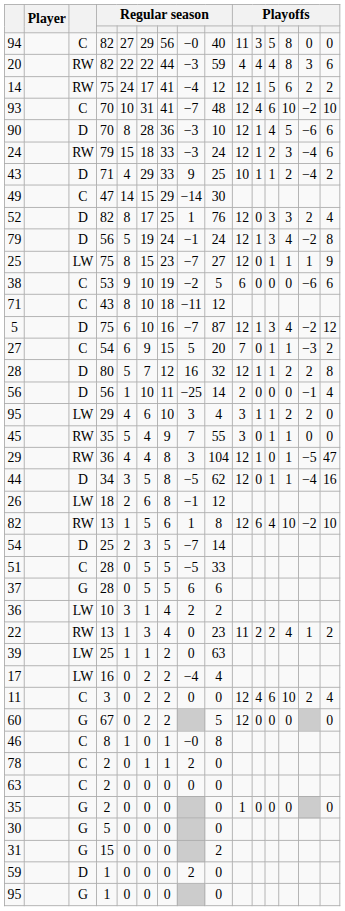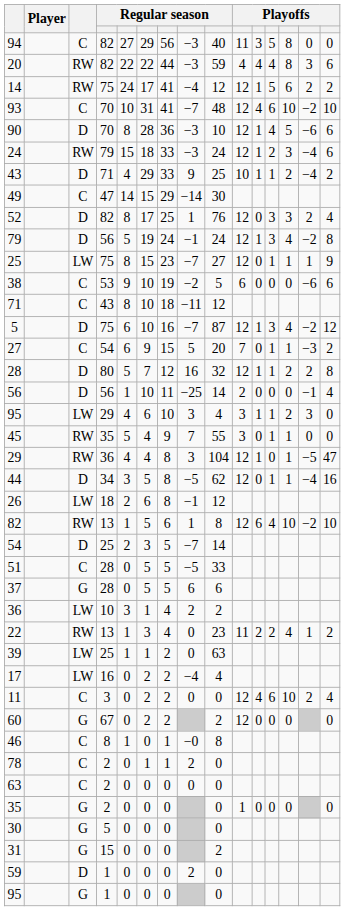 <table class="wikitable sortable plainrowheaders" style="text-align:center;">
 <tr>
 <th scope="col" data-sort-type="number" rowspan="2"></th>
 <th scope="col" rowspan="2">Player</th>
 <th scope="col" rowspan="2"></th>
 <th scope=colgroup colspan=6>Regular season</th>
 <th scope=colgroup colspan=6>Playoffs</th>
 </tr>
 <tr>
 <th scope="col" data-sort-type="number"></th>
 <th scope="col" data-sort-type="number"></th>
 <th scope="col" data-sort-type="number"></th>
 <th scope="col" data-sort-type="number"></th>
 <th scope="col" data-sort-type="number"></th>
 <th scope="col" data-sort-type="number"></th>
 <th scope="col" data-sort-type="number"></th>
 <th scope="col" data-sort-type="number"></th>
 <th scope="col" data-sort-type="number"></th>
 <th scope="col" data-sort-type="number"></th>
 <th scope="col" data-sort-type="number"></th>
 <th scope="col" data-sort-type="number"></th>
 </tr>
 <tr>
 <td scope="row">94</td>
 <td align="left"></td>
 <td>C</td>
 <td>82</td>
 <td>27</td>
 <td>29</td>
 <td>56</td>
-<td>−0</td>
+<td>−3</td>
 <td>40</td>
 <td>11</td>
 <td>3</td>
 <td>5</td>
 <td>8</td>
 <td>0</td>
 <td>0</td>
 </tr>
 <tr>
 <td scope="row">20</td>
 <td align="left"></td>
 <td>RW</td>
 <td>82</td>
 <td>22</td>
 <td>22</td>
 <td>44</td>
 <td>−3</td>
 <td>59</td>
 <td>4</td>
 <td>4</td>
 <td>4</td>
 <td>8</td>
 <td>3</td>
 <td>6</td>
 </tr>
 <tr>
 <td scope="row">14</td>
 <td align="left"></td>
 <td>RW</td>
 <td>75</td>
 <td>24</td>
 <td>17</td>
 <td>41</td>
 <td>−4</td>
 <td>12</td>
 <td>12</td>
 <td>1</td>
 <td>5</td>
 <td>6</td>
 <td>2</td>
 <td>2</td>
 </tr>
 <tr>
 <td scope="row">93</td>
 <td align="left"></td>
 <td>C</td>
 <td>70</td>
 <td>10</td>
 <td>31</td>
 <td>41</td>
 <td>−7</td>
 <td>48</td>
 <td>12</td>
 <td>4</td>
 <td>6</td>
 <td>10</td>
 <td>−2</td>
 <td>10</td>
 </tr>
 <tr>
 <td scope="row">90</td>
 <td align="left"></td>
 <td>D</td>
 <td>70</td>
 <td>8</td>
 <td>28</td>
 <td>36</td>
 <td>−3</td>
 <td>10</td>
 <td>12</td>
 <td>1</td>
 <td>4</td>
 <td>5</td>
 <td>−6</td>
 <td>6</td>
 </tr>
 <tr>
 <td scope="row">24</td>
 <td align="left"></td>
 <td>RW</td>
 <td>79</td>
 <td>15</td>
 <td>18</td>
 <td>33</td>
 <td>−3</td>
 <td>24</td>
 <td>12</td>
 <td>1</td>
 <td>2</td>
 <td>3</td>
 <td>−4</td>
 <td>6</td>
 </tr>
 <tr>
 <td scope="row">43</td>
 <td align="left"></td>
 <td>D</td>
 <td>71</td>
 <td>4</td>
 <td>29</td>
 <td>33</td>
 <td>9</td>
 <td>25</td>
 <td>10</td>
 <td>1</td>
 <td>1</td>
 <td>2</td>
 <td>−4</td>
 <td>2</td>
 </tr>
 <tr>
 <td scope="row">49</td>
 <td align="left"></td>
 <td>C</td>
 <td>47</td>
 <td>14</td>
 <td>15</td>
 <td>29</td>
 <td>−14</td>
 <td>30</td>
 <td></td>
 <td></td>
 <td></td>
 <td></td>
 <td></td>
 <td></td>
 </tr>
 <tr>
 <td scope="row">52</td>
 <td align="left"></td>
 <td>D</td>
 <td>82</td>
 <td>8</td>
 <td>17</td>
 <td>25</td>
 <td>1</td>
 <td>76</td>
 <td>12</td>
 <td>0</td>
 <td>3</td>
 <td>3</td>
 <td>2</td>
 <td>4</td>
 </tr>
 <tr>
 <td scope="row">79</td>
 <td align="left"></td>
 <td>D</td>
 <td>56</td>
 <td>5</td>
 <td>19</td>
 <td>24</td>
 <td>−1</td>
 <td>24</td>
 <td>12</td>
 <td>1</td>
 <td>3</td>
 <td>4</td>
 <td>−2</td>
 <td>8</td>
 </tr>
 <tr>
 <td scope="row">25</td>
 <td align="left"></td>
 <td>LW</td>
 <td>75</td>
 <td>8</td>
 <td>15</td>
 <td>23</td>
 <td>−7</td>
 <td>27</td>
 <td>12</td>
 <td>0</td>
 <td>1</td>
 <td>1</td>
 <td>1</td>
 <td>9</td>
 </tr>
 <tr>
 <td scope="row">38</td>
 <td align="left"></td>
 <td>C</td>
 <td>53</td>
 <td>9</td>
 <td>10</td>
 <td>19</td>
 <td>−2</td>
 <td>5</td>
 <td>6</td>
 <td>0</td>
 <td>0</td>
 <td>0</td>
 <td>−6</td>
 <td>6</td>
 </tr>
 <tr>
 <td scope="row">71</td>
 <td align="left"></td>
 <td>C</td>
 <td>43</td>
 <td>8</td>
 <td>10</td>
 <td>18</td>
 <td>−11</td>
 <td>12</td>
 <td></td>
 <td></td>
 <td></td>
 <td></td>
 <td></td>
 <td></td>
 </tr>
 <tr>
 <td scope="row">5</td>
 <td align="left"></td>
 <td>D</td>
 <td>75</td>
 <td>6</td>
 <td>10</td>
 <td>16</td>
 <td>−7</td>
 <td>87</td>
 <td>12</td>
 <td>1</td>
 <td>3</td>
 <td>4</td>
 <td>−2</td>
 <td>12</td>
 </tr>
 <tr>
 <td scope="row">27</td>
 <td align="left"></td>
 <td>C</td>
 <td>54</td>
 <td>6</td>
 <td>9</td>
 <td>15</td>
 <td>5</td>
 <td>20</td>
 <td>7</td>
 <td>0</td>
 <td>1</td>
 <td>1</td>
 <td>−3</td>
 <td>2</td>
 </tr>
 <tr>
 <td scope="row">28</td>
 <td align="left"></td>
 <td>D</td>
 <td>80</td>
 <td>5</td>
 <td>7</td>
 <td>12</td>
 <td>16</td>
 <td>32</td>
 <td>12</td>
 <td>1</td>
 <td>1</td>
 <td>2</td>
 <td>2</td>
 <td>8</td>
 </tr>
 <tr>
 <td scope="row">56</td>
 <td align="left"></td>
 <td>D</td>
 <td>56</td>
 <td>1</td>
 <td>10</td>
 <td>11</td>
 <td>−25</td>
 <td>14</td>
 <td>2</td>
 <td>0</td>
 <td>0</td>
 <td>0</td>
 <td>−1</td>
 <td>4</td>
 </tr>
 <tr>
 <td scope="row">95</td>
 <td align="left"></td>
 <td>LW</td>
 <td>29</td>
 <td>4</td>
 <td>6</td>
 <td>10</td>
 <td>3</td>
 <td>4</td>
 <td>3</td>
 <td>1</td>
 <td>1</td>
 <td>2</td>
-<td>2</td>
+<td>3</td>
 <td>0</td>
 </tr>
 <tr>
 <td scope="row">45</td>
 <td align="left"></td>
 <td>RW</td>
 <td>35</td>
 <td>5</td>
 <td>4</td>
 <td>9</td>
 <td>7</td>
 <td>55</td>
 <td>3</td>
 <td>0</td>
 <td>1</td>
 <td>1</td>
 <td>0</td>
 <td>0</td>
 </tr>
 <tr>
 <td scope="row">29</td>
 <td align="left"></td>
 <td>RW</td>
 <td>36</td>
 <td>4</td>
 <td>4</td>
 <td>8</td>
 <td>3</td>
 <td>104</td>
 <td>12</td>
 <td>1</td>
 <td>0</td>
 <td>1</td>
 <td>−5</td>
 <td>47</td>
 </tr>
 <tr>
 <td scope="row">44</td>
 <td align="left"></td>
 <td>D</td>
 <td>34</td>
 <td>3</td>
 <td>5</td>
 <td>8</td>
 <td>−5</td>
 <td>62</td>
 <td>12</td>
 <td>0</td>
 <td>1</td>
 <td>1</td>
 <td>−4</td>
 <td>16</td>
 </tr>
 <tr>
 <td scope="row">26</td>
 <td align="left"></td>
 <td>LW</td>
 <td>18</td>
 <td>2</td>
 <td>6</td>
 <td>8</td>
 <td>−1</td>
 <td>12</td>
 <td></td>
 <td></td>
 <td></td>
 <td></td>
 <td></td>
 <td></td>
 </tr>
 <tr>
 <td scope="row">82</td>
 <td align="left"></td>
 <td>RW</td>
 <td>13</td>
 <td>1</td>
 <td>5</td>
 <td>6</td>
 <td>1</td>
 <td>8</td>
 <td>12</td>
 <td>6</td>
 <td>4</td>
 <td>10</td>
 <td>−2</td>
 <td>10</td>
 </tr>
 <tr>
 <td scope="row">54</td>
 <td align="left"></td>
 <td>D</td>
 <td>25</td>
 <td>2</td>
 <td>3</td>
 <td>5</td>
 <td>−7</td>
 <td>14</td>
 <td></td>
 <td></td>
 <td></td>
 <td></td>
 <td></td>
 <td></td>
 </tr>
 <tr>
 <td scope="row">51</td>
 <td align="left"></td>
 <td>C</td>
 <td>28</td>
 <td>0</td>
 <td>5</td>
 <td>5</td>
 <td>−5</td>
 <td>33</td>
 <td></td>
 <td></td>
 <td></td>
 <td></td>
 <td></td>
 <td></td>
 </tr>
 <tr>
 <td scope="row">37</td>
 <td align="left"></td>
 <td>G</td>
 <td>28</td>
 <td>0</td>
 <td>5</td>
 <td>5</td>
 <td>6</td>
 <td>6</td>
 <td></td>
 <td></td>
 <td></td>
 <td></td>
 <td></td>
 <td></td>
 </tr>
 <tr>
 <td scope="row">36</td>
 <td align="left"></td>
 <td>LW</td>
 <td>10</td>
 <td>3</td>
 <td>1</td>
 <td>4</td>
 <td>2</td>
 <td>2</td>
 <td></td>
 <td></td>
 <td></td>
 <td></td>
 <td></td>
 <td></td>
 </tr>
 <tr>
 <td scope="row">22</td>
 <td align="left"></td>
 <td>RW</td>
 <td>13</td>
 <td>1</td>
 <td>3</td>
 <td>4</td>
 <td>0</td>
 <td>23</td>
 <td>11</td>
 <td>2</td>
 <td>2</td>
 <td>4</td>
 <td>1</td>
 <td>2</td>
 </tr>
 <tr>
 <td scope="row">39</td>
 <td align="left"></td>
 <td>LW</td>
 <td>25</td>
 <td>1</td>
 <td>1</td>
 <td>2</td>
 <td>0</td>
 <td>63</td>
 <td></td>
 <td></td>
 <td></td>
 <td></td>
 <td></td>
 <td></td>
 </tr>
 <tr>
 <td scope="row">17</td>
 <td align="left"></td>
 <td>LW</td>
 <td>16</td>
 <td>0</td>
 <td>2</td>
 <td>2</td>
 <td>−4</td>
 <td>4</td>
 <td></td>
 <td></td>
 <td></td>
 <td></td>
 <td></td>
 <td></td>
 </tr>
 <tr>
 <td scope="row">11</td>
 <td align="left"></td>
 <td>C</td>
 <td>3</td>
 <td>0</td>
 <td>2</td>
 <td>2</td>
 <td>0</td>
 <td>0</td>
 <td>12</td>
 <td>4</td>
 <td>6</td>
 <td>10</td>
 <td>2</td>
 <td>4</td>
 </tr>
 <tr>
 <td scope="row">60</td>
 <td align="left"></td>
 <td>G</td>
 <td>67</td>
 <td>0</td>
 <td>2</td>
 <td>2</td>
 <td style="background:#ccc"></td>
-<td>5</td>
+<td>2</td>
 <td>12</td>
 <td>0</td>
 <td>0</td>
 <td>0</td>
 <td style="background:#ccc"></td>
 <td>0</td>
 </tr>
 <tr>
 <td scope="row">46</td>
 <td align="left"></td>
 <td>C</td>
 <td>8</td>
 <td>1</td>
 <td>0</td>
 <td>1</td>
 <td>−0</td>
 <td>8</td>
 <td></td>
 <td></td>
 <td></td>
 <td></td>
 <td></td>
 <td></td>
 </tr>
 <tr>
 <td scope="row">78</td>
 <td align="left"></td>
 <td>C</td>
 <td>2</td>
 <td>0</td>
 <td>1</td>
 <td>1</td>
 <td>2</td>
 <td>0</td>
 <td></td>
 <td></td>
 <td></td>
 <td></td>
 <td></td>
 <td></td>
 </tr>
 <tr>
 <td scope="row">63</td>
 <td align="left"></td>
 <td>C</td>
 <td>2</td>
 <td>0</td>
 <td>0</td>
 <td>0</td>
 <td>0</td>
 <td>0</td>
 <td></td>
 <td></td>
 <td></td>
 <td></td>
 <td></td>
 <td></td>
 </tr>
 <tr>
 <td scope="row">35</td>
 <td align="left"></td>
 <td>G</td>
 <td>2</td>
 <td>0</td>
 <td>0</td>
 <td>0</td>
 <td style="background:#ccc"></td>
 <td>0</td>
 <td>1</td>
 <td>0</td>
 <td>0</td>
 <td>0</td>
 <td style="background:#ccc"></td>
 <td>0</td>
 </tr>
 <tr>
 <td scope="row">30</td>
 <td align="left"></td>
 <td>G</td>
 <td>5</td>
 <td>0</td>
 <td>0</td>
 <td>0</td>
 <td style="background:#ccc"></td>
 <td>0</td>
 <td></td>
 <td></td>
 <td></td>
 <td></td>
 <td></td>
 <td></td>
 </tr>
 <tr>
 <td scope="row">31</td>
 <td align="left"></td>
 <td>G</td>
 <td>15</td>
 <td>0</td>
 <td>0</td>
 <td>0</td>
 <td style="background:#ccc"></td>
 <td>2</td>
 <td></td>
 <td></td>
 <td></td>
 <td></td>
 <td></td>
 <td></td>
 </tr>
 <tr>
 <td scope="row">59</td>
 <td align="left"></td>
 <td>D</td>
 <td>1</td>
 <td>0</td>
 <td>0</td>
 <td>0</td>
 <td>2</td>
 <td>0</td>
 <td></td>
 <td></td>
 <td></td>
 <td></td>
 <td></td>
 <td></td>
 </tr>
 <tr>
 <td scope="row">95</td>
 <td align="left"></td>
 <td>G</td>
 <td>1</td>
 <td>0</td>
 <td>0</td>
 <td>0</td>
 <td style="background:#ccc"></td>
 <td>0</td>
 <td></td>
 <td></td>
 <td></td>
 <td></td>
 <td></td>
 <td></td>
 </tr>
 </table>
